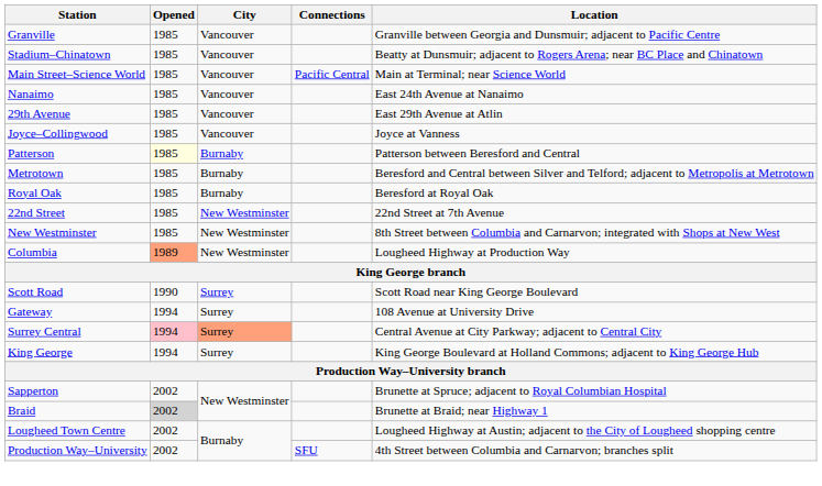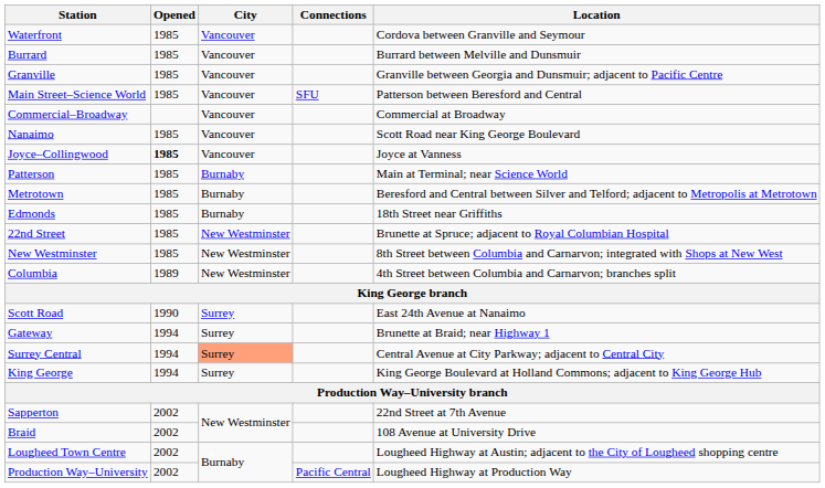 <table class="wikitable">
 <tr>
 <th>Station</th>
 <th>Opened</th>
 <th>City</th>
 <th>Connections</th>
 <th>Location</th>
 </tr>
 <tr>
+<td><a href='#'>Waterfront</a></td>
+<td>1985</td>
+<td><a href='#'>Vancouver</a></td>
+<td>   </td>
+<td>Cordova between Granville and Seymour</td>
+</tr>
+<tr>
+<td><a href='#'>Burrard</a></td>
+<td>1985</td>
+<td>Vancouver</td>
+<td></td>
+<td>Burrard between Melville and Dunsmuir</td>
+</tr>
+<tr>
 <td><a href='#'>Granville</a></td>
 <td>1985</td>
 <td>Vancouver</td>
 <td></td>
 <td>Granville between Georgia and Dunsmuir; adjacent to <a href='#'>Pacific Centre</a></td>
 </tr>
 <tr>
-<td><a href='#'>Stadium–Chinatown</a></td>
-<td>1985</td>
-<td>Vancouver</td>
-<td></td>
-<td>Beatty at Dunsmuir; adjacent to <a href='#'>Rogers Arena</a>; near <a href='#'>BC Place</a> and <a href='#'>Chinatown</a></td>
-</tr>
-<tr>
 <td><a href='#'>Main Street–Science World</a></td>
 <td>1985</td>
 <td>Vancouver</td>
-<td>  <a href='#'>Pacific Central</a></td>
-<td>Main at Terminal; near <a href='#'>Science World</a></td>
+<td>  <a href='#'>SFU</a></td>
+<td>Patterson between Beresford and Central</td>
+</tr>
+<tr>
+<td><a href='#'>Commercial–Broadway</a></td>
+<td></td>
+<td>Vancouver</td>
+<td> </td>
+<td>Commercial at Broadway</td>
 </tr>
 <tr>
 <td><a href='#'>Nanaimo</a></td>
 <td>1985</td>
 <td>Vancouver</td>
 <td></td>
-<td>East 24th Avenue at Nanaimo</td>
-</tr>
-<tr>
-<td><a href='#'>29th Avenue</a></td>
-<td>1985</td>
-<td>Vancouver</td>
-<td></td>
-<td>East 29th Avenue at Atlin</td>
+<td>Scott Road near King George Boulevard</td>
 </tr>
 <tr>
 <td><a href='#'>Joyce–Collingwood</a></td>
-<td>1985</td>
+<td><strong>1985</strong></td>
 <td>Vancouver</td>
 <td></td>
 <td>Joyce at Vanness</td>
 </tr>
 <tr>
 <td><a href='#'>Patterson</a></td>
-<td style="background: lightyellow;">1985</td>
+<td>1985</td>
 <td><a href='#'>Burnaby</a></td>
 <td></td>
-<td>Patterson between Beresford and Central</td>
+<td>Main at Terminal; near <a href='#'>Science World</a></td>
 </tr>
 <tr>
 <td><a href='#'>Metrotown</a></td>
 <td>1985</td>
 <td>Burnaby</td>
 <td></td>
 <td>Beresford and Central between Silver and Telford; adjacent to <a href='#'>Metropolis at Metrotown</a></td>
 </tr>
 <tr>
-<td><a href='#'>Royal Oak</a></td>
+<td><a href='#'>Edmonds</a></td>
 <td>1985</td>
 <td>Burnaby</td>
 <td></td>
-<td>Beresford at Royal Oak</td>
+<td>18th Street near Griffiths</td>
 </tr>
 <tr>
 <td><a href='#'>22nd Street</a></td>
 <td>1985</td>
 <td><a href='#'>New Westminster</a></td>
 <td></td>
-<td>22nd Street at 7th Avenue</td>
+<td>Brunette at Spruce; adjacent to <a href='#'>Royal Columbian Hospital</a></td>
 </tr>
 <tr>
 <td><a href='#'>New Westminster</a></td>
 <td>1985</td>
 <td>New Westminster</td>
 <td></td>
 <td>8th Street between <a href='#'>Columbia</a> and Carnarvon; integrated with <a href='#'>Shops at New West</a></td>
 </tr>
 <tr>
 <td><a href='#'>Columbia</a></td>
-<td style="background: lightsalmon;">1989</td>
+<td>1989</td>
 <td>New Westminster</td>
 <td></td>
-<td>Lougheed Highway at Production Way</td>
+<td>4th Street between Columbia and Carnarvon; branches split</td>
 </tr>
 <tr>
 <th colspan="5">King George branch</th>
 </tr>
 <tr>
 <td><a href='#'>Scott Road</a></td>
 <td>1990</td>
 <td><a href='#'>Surrey</a></td>
 <td></td>
-<td>Scott Road near King George Boulevard</td>
+<td>East 24th Avenue at Nanaimo</td>
 </tr>
 <tr>
 <td><a href='#'>Gateway</a></td>
 <td>1994</td>
 <td>Surrey</td>
 <td></td>
-<td>108 Avenue at University Drive</td>
+<td>Brunette at Braid; near <a href='#'>Highway 1</a></td>
 </tr>
 <tr>
 <td><a href='#'>Surrey Central</a></td>
-<td style="background: pink;">1994</td>
+<td>1994</td>
 <td style="background: lightsalmon;">Surrey</td>
 <td></td>
 <td>Central Avenue at City Parkway; adjacent to <a href='#'>Central City</a></td>
 </tr>
 <tr>
 <td><a href='#'>King George</a></td>
 <td>1994</td>
 <td>Surrey</td>
 <td></td>
 <td>King George Boulevard at Holland Commons; adjacent to <a href='#'>King George Hub</a></td>
 </tr>
 <tr>
 <th colspan="5">Production Way–University branch</th>
 </tr>
 <tr>
 <td><a href='#'>Sapperton</a></td>
 <td>2002</td>
 <td rowspan="2">New Westminster</td>
 <td></td>
-<td>Brunette at Spruce; adjacent to <a href='#'>Royal Columbian Hospital</a></td>
+<td>22nd Street at 7th Avenue</td>
 </tr>
 <tr>
 <td><a href='#'>Braid</a></td>
-<td style="background: lightgrey;">2002</td>
+<td>2002</td>
 <td></td>
-<td>Brunette at Braid; near <a href='#'>Highway 1</a></td>
+<td>108 Avenue at University Drive</td>
 </tr>
 <tr>
 <td><a href='#'>Lougheed Town Centre</a></td>
 <td>2002</td>
 <td rowspan="2">Burnaby</td>
 <td></td>
 <td>Lougheed Highway at Austin; adjacent to <a href='#'>the City of Lougheed</a> shopping centre</td>
 </tr>
 <tr>
 <td><a href='#'>Production Way–University</a></td>
 <td>2002</td>
-<td>  <a href='#'>SFU</a></td>
-<td>4th Street between Columbia and Carnarvon; branches split</td>
+<td>  <a href='#'>Pacific Central</a></td>
+<td>Lougheed Highway at Production Way</td>
 </tr>
 </table>
